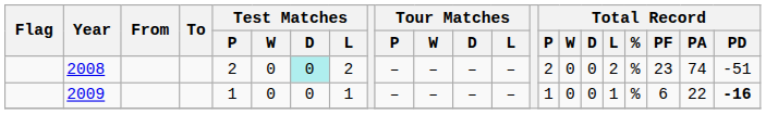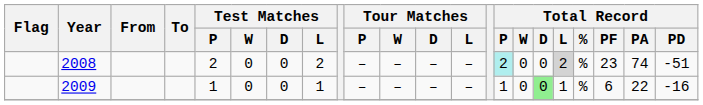 <table class="wikitable" style="text-align: center">
 <tr>
 <th rowspan="2">Flag</th>
 <th rowspan="2">Year</th>
 <th rowspan="2">From</th>
 <th rowspan="2">To</th>
 <th colspan="4">Test Matches</th>
 <th width=1% rowspan=39></th>
 <th colspan="4">Tour Matches</th>
 <th width=1% rowspan=39></th>
 <th colspan="8">Total Record</th>
 </tr>
 <tr>
 <th>P</th>
 <th>W</th>
 <th>D</th>
 <th>L</th>
 <th>P</th>
 <th>W</th>
 <th>D</th>
 <th>L</th>
 <th>P</th>
 <th>W</th>
 <th>D</th>
 <th>L</th>
 <th>%</th>
 <th>PF</th>
 <th>PA</th>
 <th>PD</th>
 </tr>
 <tr>
 <td></td>
 <td align=left><a href='#'>2008</a></td>
 <td align=left></td>
 <td align=left></td>
 <td>2</td>
 <td>0</td>
-<td style="background: paleturquoise;">0</td>
+<td>0</td>
 <td>2</td>
 <td>–</td>
 <td>–</td>
 <td>–</td>
 <td>–</td>
-<td>2</td>
+<td style="background: paleturquoise;">2</td>
 <td>0</td>
 <td>0</td>
-<td>2</td>
+<td style="background: lightgrey;">2</td>
 <td>%</td>
 <td>23</td>
 <td>74</td>
 <td>-51</td>
 </tr>
 <tr>
 <td></td>
 <td align=left><a href='#'>2009</a></td>
 <td align=left></td>
 <td align=left></td>
 <td>1</td>
 <td>0</td>
 <td>0</td>
 <td>1</td>
 <td>–</td>
 <td>–</td>
 <td>–</td>
 <td>–</td>
 <td>1</td>
 <td>0</td>
-<td>0</td>
+<td style="background: lightgreen;">0</td>
 <td>1</td>
 <td>%</td>
 <td>6</td>
 <td>22</td>
-<td><strong>-16</strong></td>
+<td>-16</td>
 </tr>
 <tr>
 </tr>
 </table>
